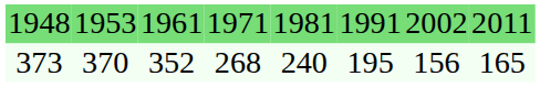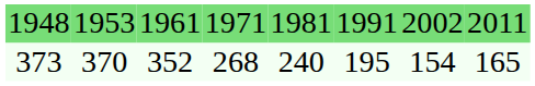 <table align="center" cellspacing="0" style="background:#f3fff3">
 <tr bgcolor="#77dd77">
 <td align="center">1948</td>
 <td align="center">1953</td>
 <td align="center">1961</td>
 <td align="center">1971</td>
 <td align="center">1981</td>
 <td align="center">1991</td>
 <td align="center">2002</td>
 <td align="center">2011</td>
 </tr>
 <tr>
 <td align="center">373</td>
 <td align="center">370</td>
 <td align="center">352</td>
 <td align="center">268</td>
 <td align="center">240</td>
 <td align="center">195</td>
-<td align="center">156</td>
+<td align="center">154</td>
 <td align="center">165</td>
 </tr>
 </table>
